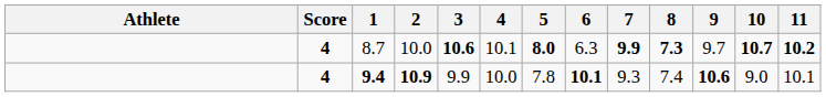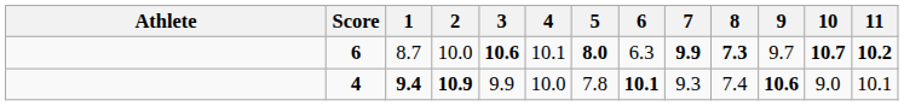 <table class="wikitable" style="text-align:center">
 <tr>
 <th width=250>Athlete</th>
 <th width=40>Score</th>
 <th width=30>1</th>
 <th width=30>2</th>
 <th width=30>3</th>
 <th width=30>4</th>
 <th width=30>5</th>
 <th width=30>6</th>
 <th width=30>7</th>
 <th width=30>8</th>
 <th width=30>9</th>
 <th width=30>10</th>
 <th width=30>11</th>
 </tr>
 <tr>
 <td align=left></td>
-<td><strong>4</strong></td>
+<td><strong>6</strong></td>
 <td>8.7</td>
 <td>10.0</td>
 <td><strong>10.6</strong></td>
 <td>10.1</td>
 <td><strong>8.0</strong></td>
 <td>6.3</td>
 <td><strong>9.9</strong></td>
 <td><strong>7.3</strong></td>
 <td>9.7</td>
 <td><strong>10.7</strong></td>
 <td><strong>10.2</strong></td>
 </tr>
 <tr>
 <td align=left></td>
 <td><strong>4</strong></td>
 <td><strong>9.4</strong></td>
 <td><strong>10.9</strong></td>
 <td>9.9</td>
 <td>10.0</td>
 <td>7.8</td>
 <td><strong>10.1</strong></td>
 <td>9.3</td>
 <td>7.4</td>
 <td><strong>10.6</strong></td>
 <td>9.0</td>
 <td>10.1</td>
 </tr>
 </table>
